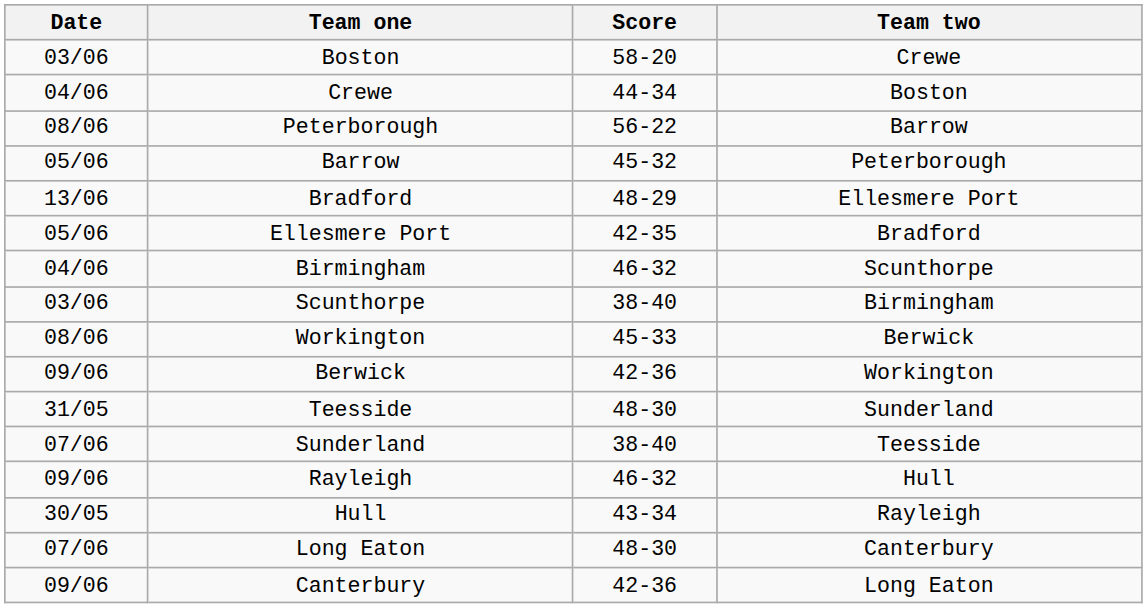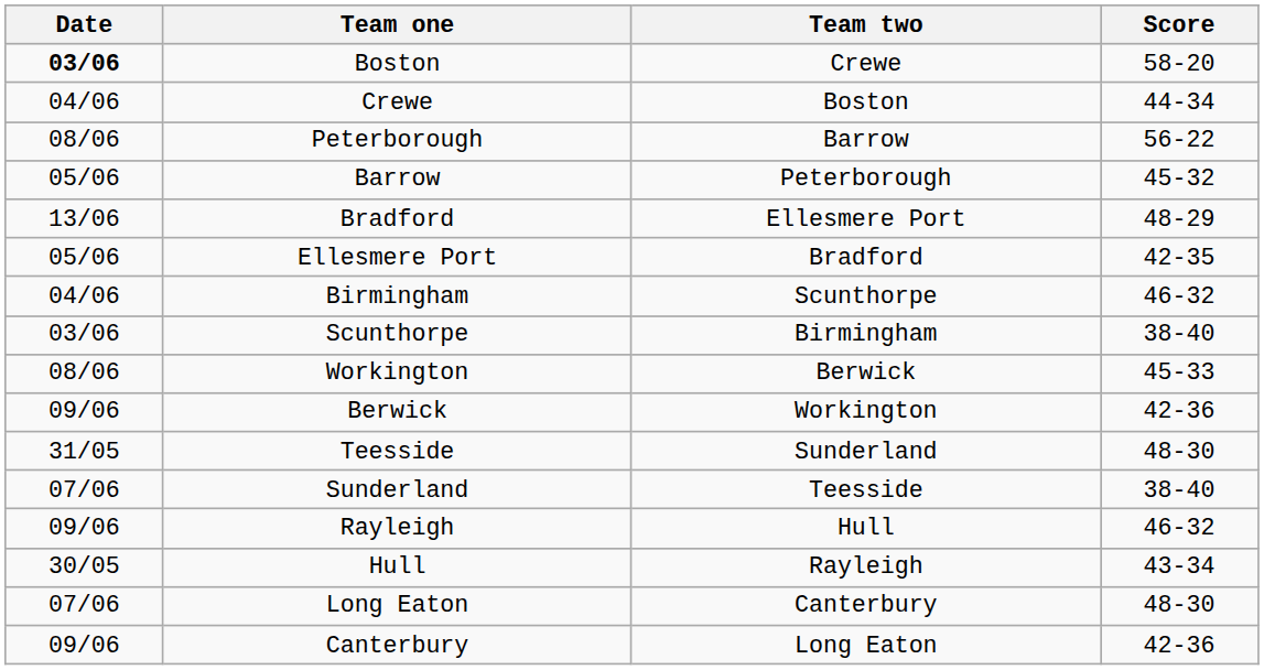 <table class="wikitable" style="text-align: center">
 <tr>
 <th width=80>Date</th>
 <th width=250>Team one</th>
+<th width=250>Team two</th>
 <th width=80>Score</th>
-<th width=250>Team two</th>
 </tr>
 <tr>
-<td>03/06</td>
+<td><strong>03/06</strong></td>
 <td>Boston</td>
+<td>Crewe</td>
 <td>58-20</td>
-<td>Crewe</td>
 </tr>
 <tr>
 <td>04/06</td>
 <td>Crewe</td>
+<td>Boston</td>
 <td>44-34</td>
-<td>Boston</td>
 </tr>
 <tr>
 <td>08/06</td>
 <td>Peterborough</td>
+<td>Barrow</td>
 <td>56-22</td>
-<td>Barrow</td>
 </tr>
 <tr>
 <td>05/06</td>
 <td>Barrow</td>
+<td>Peterborough</td>
 <td>45-32</td>
-<td>Peterborough</td>
 </tr>
 <tr>
 <td>13/06</td>
 <td>Bradford</td>
+<td>Ellesmere Port</td>
 <td>48-29</td>
-<td>Ellesmere Port</td>
 </tr>
 <tr>
 <td>05/06</td>
 <td>Ellesmere Port</td>
+<td>Bradford</td>
 <td>42-35</td>
-<td>Bradford</td>
 </tr>
 <tr>
 <td>04/06</td>
 <td>Birmingham</td>
+<td>Scunthorpe</td>
 <td>46-32</td>
-<td>Scunthorpe</td>
 </tr>
 <tr>
 <td>03/06</td>
 <td>Scunthorpe</td>
+<td>Birmingham</td>
 <td>38-40</td>
-<td>Birmingham</td>
 </tr>
 <tr>
 <td>08/06</td>
 <td>Workington</td>
+<td>Berwick</td>
 <td>45-33</td>
-<td>Berwick</td>
 </tr>
 <tr>
 <td>09/06</td>
 <td>Berwick</td>
+<td>Workington</td>
 <td>42-36</td>
-<td>Workington</td>
 </tr>
 <tr>
 <td>31/05</td>
 <td>Teesside</td>
+<td>Sunderland</td>
 <td>48-30</td>
-<td>Sunderland</td>
 </tr>
 <tr>
 <td>07/06</td>
 <td>Sunderland</td>
+<td>Teesside</td>
 <td>38-40</td>
-<td>Teesside</td>
 </tr>
 <tr>
 <td>09/06</td>
 <td>Rayleigh</td>
+<td>Hull</td>
 <td>46-32</td>
-<td>Hull</td>
 </tr>
 <tr>
 <td>30/05</td>
 <td>Hull</td>
+<td>Rayleigh</td>
 <td>43-34</td>
-<td>Rayleigh</td>
 </tr>
 <tr>
 <td>07/06</td>
 <td>Long Eaton</td>
+<td>Canterbury</td>
 <td>48-30</td>
-<td>Canterbury</td>
 </tr>
 <tr>
 <td>09/06</td>
 <td>Canterbury</td>
+<td>Long Eaton</td>
 <td>42-36</td>
-<td>Long Eaton</td>
 </tr>
 </table>
